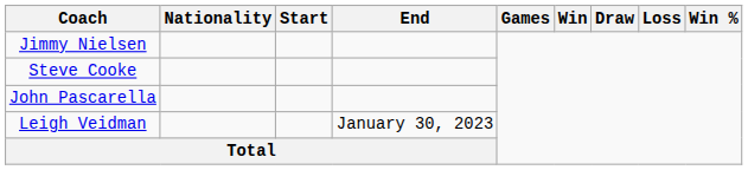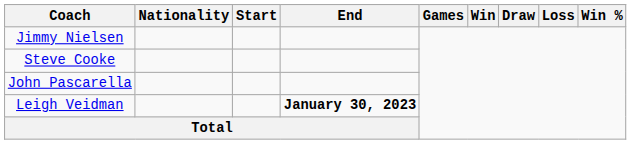 <table class="wikitable" style="text-align:center; margin-left: lem">
 <tr>
 <th>Coach</th>
 <th>Nationality</th>
 <th>Start</th>
 <th>End</th>
 <th>Games</th>
 <th><strong>Win</strong></th>
 <th>Draw</th>
 <th>Loss</th>
 <th>Win %</th>
 </tr>
 <tr>
 <td><a href='#'>Jimmy Nielsen</a></td>
 <td></td>
 <td></td>
 <td><br></td>
 </tr>
 <tr>
 <td><a href='#'>Steve Cooke</a></td>
 <td></td>
 <td></td>
 <td><br></td>
 </tr>
 <tr>
 <td><a href='#'>John Pascarella</a></td>
 <td></td>
 <td></td>
 <td><br></td>
 </tr>
 <tr>
 <td><a href='#'>Leigh Veidman</a></td>
 <td></td>
 <td></td>
-<td>January 30, 2023<br></td>
+<td><strong>January 30, 2023<br></strong></td>
 </tr>
 <tr>
 <th colspan="4">Total<br></th>
 </tr>
 </table>
